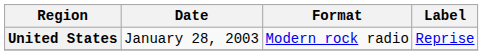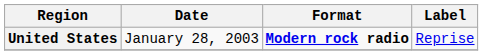 <table class="wikitable plainrowheaders">
 <tr>
 <th scope="col">Region</th>
 <th scope="col">Date</th>
 <th scope="col">Format</th>
 <th scope="col">Label</th>
 </tr>
 <tr>
 <th scope="row">United States</th>
 <td>January 28, 2003</td>
-<td><a href='#'>Modern rock</a> radio</td>
+<td><strong><a href='#'>Modern rock</a> radio</strong></td>
 <td><a href='#'>Reprise</a></td>
 </tr>
 <tr>
 </tr>
 </table>
